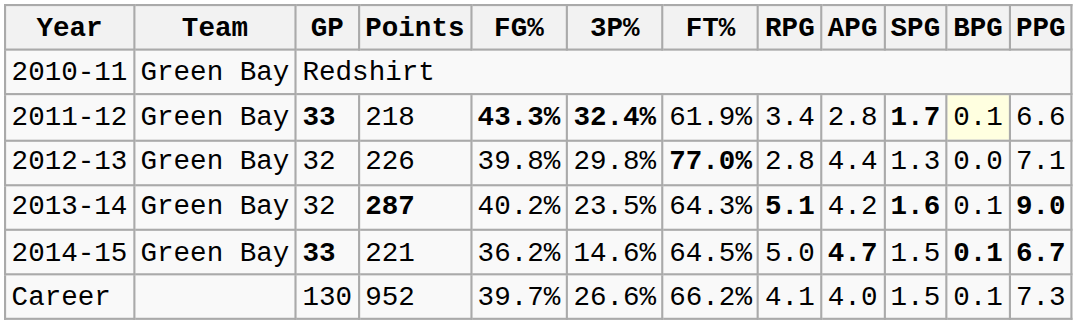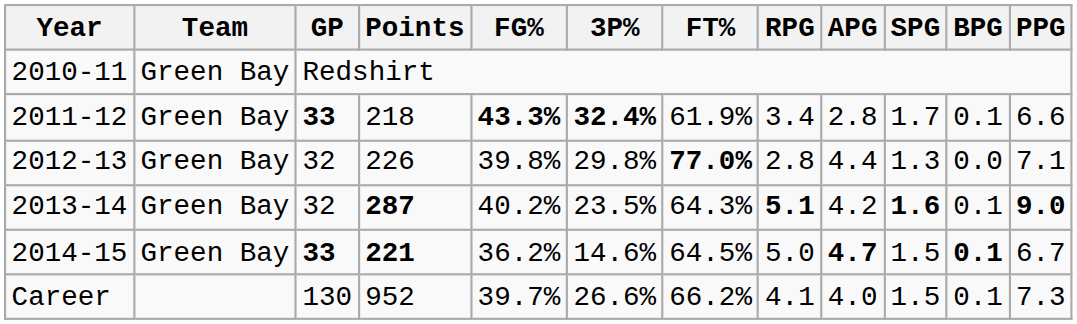 <table class="wikitable">
 <tr>
 <th>Year</th>
 <th>Team</th>
 <th>GP</th>
 <th>Points</th>
 <th>FG%</th>
 <th>3P%</th>
 <th>FT%</th>
 <th>RPG</th>
 <th>APG</th>
 <th>SPG</th>
 <th>BPG</th>
 <th>PPG</th>
 </tr>
 <tr>
 <td>2010-11</td>
 <td>Green Bay</td>
 <td colspan="10">Redshirt</td>
 </tr>
 <tr>
 <td>2011-12</td>
 <td>Green Bay</td>
 <td><strong>33</strong></td>
 <td>218</td>
 <td><strong>43.3%</strong></td>
 <td><strong>32.4%</strong></td>
 <td>61.9%</td>
 <td>3.4</td>
 <td>2.8</td>
-<td><strong>1.7</strong></td>
-<td style="background: lightyellow;">0.1</td>
+<td>1.7</td>
+<td>0.1</td>
 <td>6.6</td>
 </tr>
 <tr>
 <td>2012-13</td>
 <td>Green Bay</td>
 <td>32</td>
 <td>226</td>
 <td>39.8%</td>
 <td>29.8%</td>
 <td><strong>77.0%</strong></td>
 <td>2.8</td>
 <td>4.4</td>
 <td>1.3</td>
 <td>0.0</td>
 <td>7.1</td>
 </tr>
 <tr>
 <td>2013-14</td>
 <td>Green Bay</td>
 <td>32</td>
 <td><strong>287</strong></td>
 <td>40.2%</td>
 <td>23.5%</td>
 <td>64.3%</td>
 <td><strong>5.1</strong></td>
 <td>4.2</td>
 <td><strong>1.6</strong></td>
 <td>0.1</td>
 <td><strong>9.0</strong></td>
 </tr>
 <tr>
 <td>2014-15</td>
 <td>Green Bay</td>
 <td><strong>33</strong></td>
-<td>221</td>
+<td><strong>221</strong></td>
 <td>36.2%</td>
 <td>14.6%</td>
 <td>64.5%</td>
 <td>5.0</td>
 <td><strong>4.7</strong></td>
 <td>1.5</td>
 <td><strong>0.1</strong></td>
-<td><strong>6.7</strong></td>
+<td>6.7</td>
 </tr>
 <tr>
 <td>Career</td>
 <td></td>
 <td>130</td>
 <td>952</td>
 <td>39.7%</td>
 <td>26.6%</td>
 <td>66.2%</td>
 <td>4.1</td>
 <td>4.0</td>
 <td>1.5</td>
 <td>0.1</td>
 <td>7.3</td>
 </tr>
 </table>
